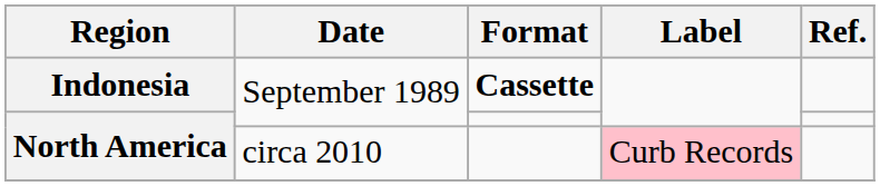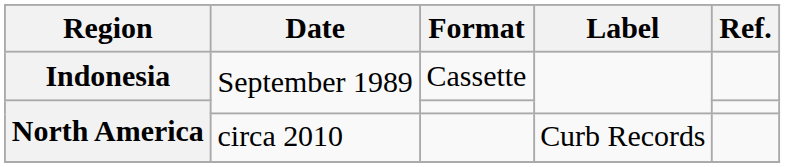 <table class="wikitable plainrowheaders">
 <tr>
 <th scope="col">Region</th>
 <th scope="col">Date</th>
 <th scope="col">Format</th>
 <th scope="col">Label</th>
 <th scope="col">Ref.</th>
 </tr>
 <tr>
 <th scope="row">Indonesia</th>
 <td rowspan="2">September 1989</td>
-<td><strong>Cassette</strong></td>
+<td>Cassette</td>
 <td rowspan="2"></td>
 <td></td>
 </tr>
 <tr>
 <th scope="row" rowspan="2">North America</th>
 <td></td>
 <td></td>
 </tr>
 <tr>
 <td>circa 2010</td>
 <td></td>
-<td style="background: pink;">Curb Records</td>
+<td>Curb Records</td>
 <td></td>
 </tr>
 <tr>
 </tr>
 </table>
